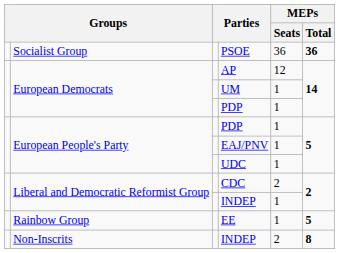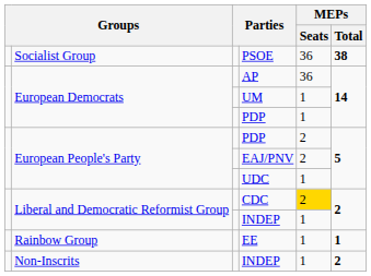 <table class="wikitable" style="text-align:left;">
 <tr>
 <th rowspan="2" colspan="2">Groups</th>
 <th rowspan="2" colspan="2">Parties</th>
 <th colspan="2">MEPs</th>
 </tr>
 <tr>
 <th>Seats</th>
 <th>Total</th>
 </tr>
 <tr>
 <td width="1" style="color:inherit;background:"></td>
 <td><a href='#'>Socialist Group</a></td>
 <td width="1" style="color:inherit;background:"></td>
 <td><a href='#'>PSOE</a></td>
 <td>36</td>
-<td><strong>36</strong></td>
+<td><strong>38</strong></td>
 </tr>
 <tr>
 <td rowspan="3" style="color:inherit;background:"></td>
 <td rowspan="3"><a href='#'>European Democrats</a></td>
 <td style="color:inherit;background:"></td>
 <td><a href='#'>AP</a></td>
-<td>12</td>
+<td>36</td>
 <td rowspan="3"><strong>14</strong></td>
 </tr>
 <tr>
 <td style="color:inherit;background:"></td>
 <td><a href='#'>UM</a></td>
 <td>1</td>
 </tr>
 <tr>
 <td style="color:inherit;background:"></td>
 <td><a href='#'>PDP</a></td>
 <td>1</td>
 </tr>
 <tr>
 <td rowspan="3" style="color:inherit;background:"></td>
 <td rowspan="3"><a href='#'>European People's Party</a></td>
 <td style="color:inherit;background:"></td>
 <td><a href='#'>PDP</a></td>
-<td>1</td>
+<td>2</td>
 <td rowspan="3"><strong>5</strong></td>
 </tr>
 <tr>
 <td style="color:inherit;background:"></td>
 <td><a href='#'>EAJ/PNV</a></td>
-<td>1</td>
+<td>2</td>
 </tr>
 <tr>
 <td style="color:inherit;background:"></td>
 <td><a href='#'>UDC</a></td>
 <td>1</td>
 </tr>
 <tr>
 <td rowspan="2" style="color:inherit;background:"></td>
 <td rowspan="2"><a href='#'>Liberal and Democratic Reformist Group</a></td>
 <td style="color:inherit;background:"></td>
 <td><a href='#'>CDC</a></td>
-<td>2</td>
+<td style="background: gold;">2</td>
 <td rowspan="2"><strong>2</strong></td>
 </tr>
 <tr>
 <td style="color:inherit;background:"></td>
 <td><a href='#'>INDEP</a></td>
 <td>1</td>
 </tr>
 <tr>
 <td style="color:inherit;background:"></td>
 <td><a href='#'>Rainbow Group</a></td>
 <td style="color:inherit;background:"></td>
 <td><a href='#'>EE</a></td>
 <td>1</td>
-<td><strong>5</strong></td>
+<td><strong>1</strong></td>
 </tr>
 <tr>
 <td style="color:inherit;background:"></td>
 <td><a href='#'>Non-Inscrits</a></td>
 <td style="color:inherit;background:"></td>
 <td><a href='#'>INDEP</a></td>
-<td>2</td>
-<td><strong>8</strong></td>
+<td>1</td>
+<td><strong>2</strong></td>
 </tr>
 </table>
